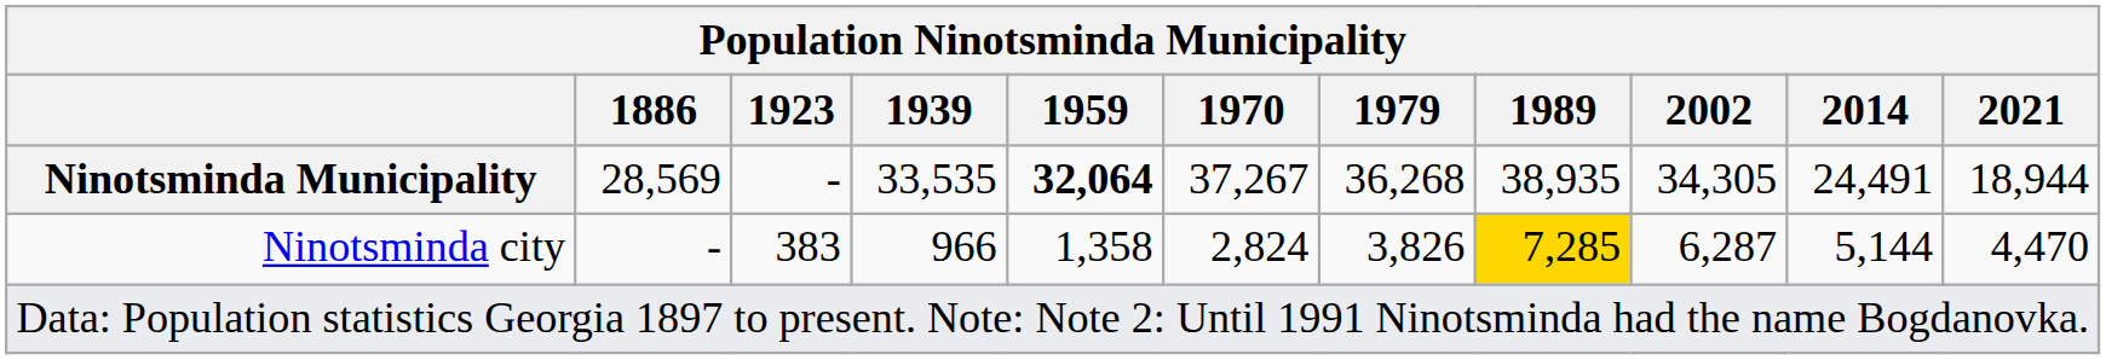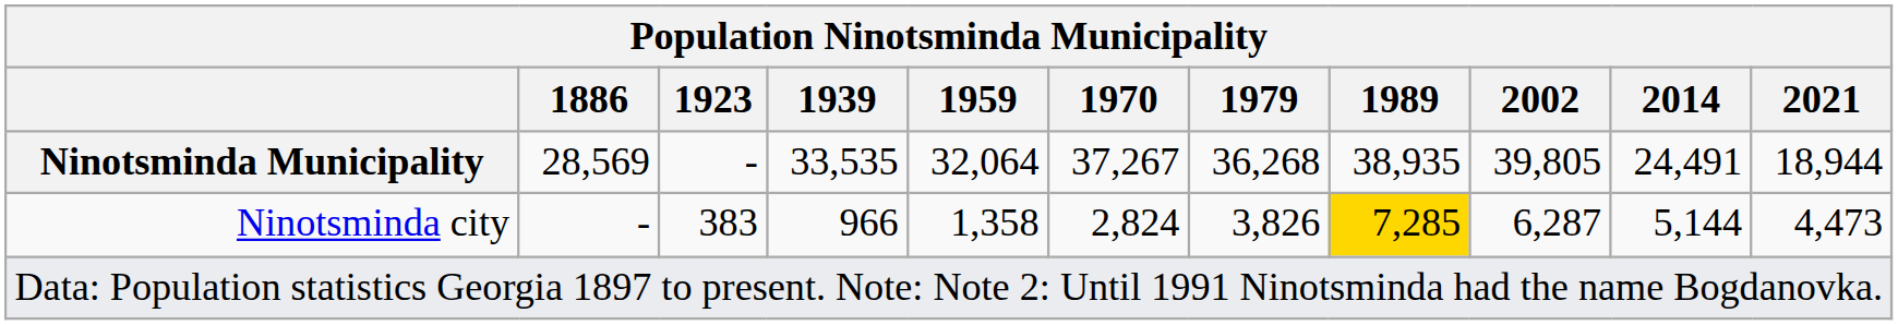 <table class="wikitable" style="text-align:right">
 <tr>
 <th colspan=19>Population Ninotsminda Municipality</th>
 </tr>
 <tr>
 <th></th>
 <th>1886</th>
 <th>1923</th>
 <th>1939</th>
 <th>1959</th>
 <th>1970</th>
 <th>1979</th>
 <th>1989</th>
 <th>2002</th>
 <th>2014</th>
 <th>2021</th>
 </tr>
 <tr>
 <th>Ninotsminda Municipality</th>
 <td>28,569</td>
 <td>-</td>
 <td> 33,535</td>
-<td><strong> 32,064</strong></td>
+<td> 32,064</td>
 <td> 37,267</td>
 <td> 36,268</td>
 <td> 38,935</td>
-<td> 34,305</td>
+<td> 39,805</td>
 <td> 24,491</td>
 <td> 18,944</td>
 </tr>
 <tr>
 <td><a href='#'>Ninotsminda</a> city</td>
 <td>-</td>
 <td>383</td>
 <td> 966</td>
 <td> 1,358</td>
 <td> 2,824</td>
 <td> 3,826</td>
 <td style="background: gold;"> 7,285</td>
 <td> 6,287</td>
 <td> 5,144</td>
-<td> 4,470</td>
+<td> 4,473</td>
 </tr>
 <tr>
 <td colspan=15 class="wikitable" style="align:left;text-align:left;background-color:#eaecf0">Data: Population statistics Georgia 1897 to present. Note: Note 2: Until 1991 Ninotsminda had the name Bogdanovka.</td>
 </tr>
 </table>
